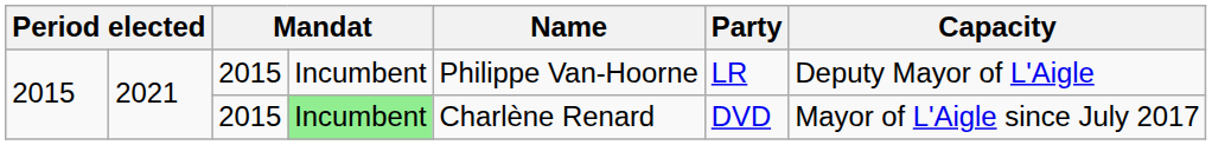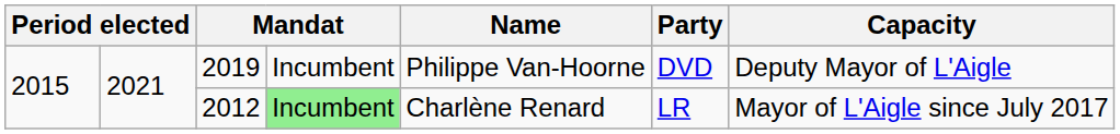 <table class="wikitable">
 <tr>
 <th colspan="2">Period elected</th>
 <th colspan="2">Mandat</th>
 <th>Name</th>
 <th>Party</th>
 <th>Capacity</th>
 </tr>
 <tr>
 <td rowspan="2">2015</td>
 <td rowspan="2">2021</td>
-<td>2015</td>
+<td>2019</td>
 <td>Incumbent</td>
 <td>Philippe Van-Hoorne</td>
-<td><a href='#'>LR</a></td>
+<td><a href='#'>DVD</a></td>
 <td>Deputy Mayor of <a href='#'>L'Aigle</a></td>
 </tr>
 <tr>
-<td>2015</td>
+<td>2012</td>
 <td style="background: lightgreen;">Incumbent</td>
 <td>Charlène Renard</td>
-<td><a href='#'>DVD</a></td>
+<td><a href='#'>LR</a></td>
 <td>Mayor of <a href='#'>L'Aigle</a> since July 2017</td>
 </tr>
 </table>
